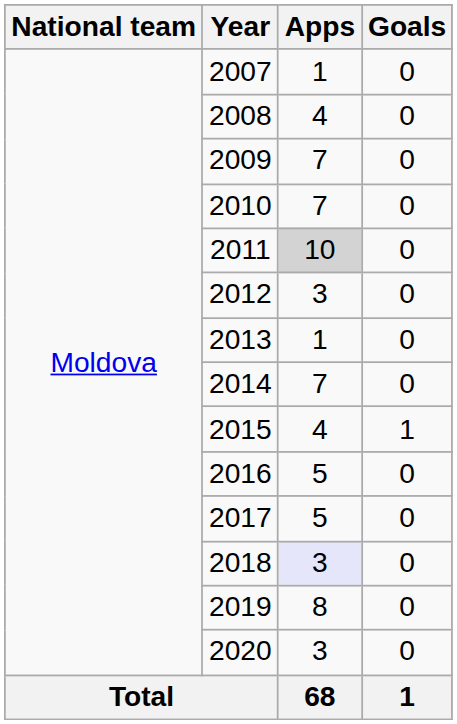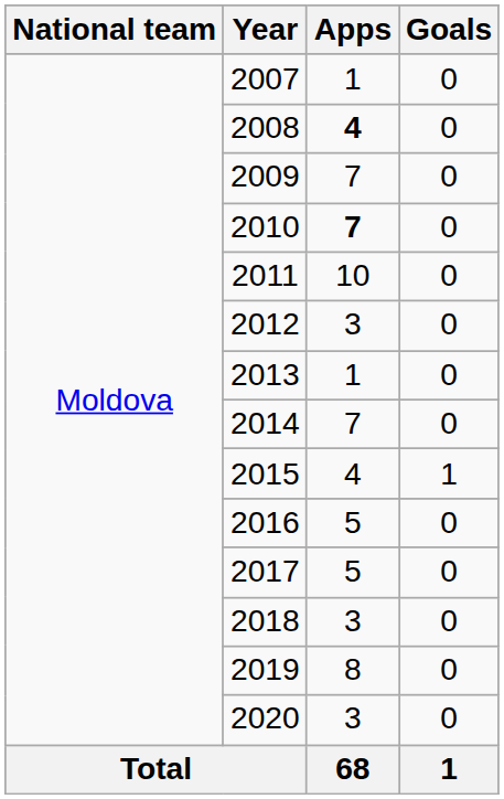 <table class="wikitable" style="text-align:center">
 <tr>
 <th>National team</th>
 <th>Year</th>
 <th>Apps</th>
 <th>Goals</th>
 </tr>
 <tr>
 <td rowspan=14><a href='#'>Moldova</a></td>
 <td>2007</td>
 <td>1</td>
 <td>0</td>
 </tr>
 <tr>
 <td>2008</td>
-<td>4</td>
+<td><strong>4</strong></td>
 <td>0</td>
 </tr>
 <tr>
 <td>2009</td>
 <td>7</td>
 <td>0</td>
 </tr>
 <tr>
 <td>2010</td>
-<td>7</td>
+<td><strong>7</strong></td>
 <td>0</td>
 </tr>
 <tr>
 <td>2011</td>
-<td style="background: lightgrey;">10</td>
+<td>10</td>
 <td>0</td>
 </tr>
 <tr>
 <td>2012</td>
 <td>3</td>
 <td>0</td>
 </tr>
 <tr>
 <td>2013</td>
 <td>1</td>
 <td>0</td>
 </tr>
 <tr>
 <td>2014</td>
 <td>7</td>
 <td>0</td>
 </tr>
 <tr>
 <td>2015</td>
 <td>4</td>
 <td>1</td>
 </tr>
 <tr>
 <td>2016</td>
 <td>5</td>
 <td>0</td>
 </tr>
 <tr>
 <td>2017</td>
 <td>5</td>
 <td>0</td>
 </tr>
 <tr>
 <td>2018</td>
-<td style="background: lavender;">3</td>
+<td>3</td>
 <td>0</td>
 </tr>
 <tr>
 <td>2019</td>
 <td>8</td>
 <td>0</td>
 </tr>
 <tr>
 <td>2020</td>
 <td>3</td>
 <td>0</td>
 </tr>
 <tr>
 <th colspan=2>Total</th>
 <th>68</th>
 <th>1</th>
 </tr>
 </table>
